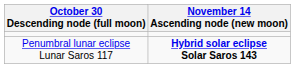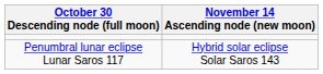 <table class="wikitable">
 <tr>
 <th><a href='#'>October 30</a><br>Descending node (full moon)<br></th>
 <th><a href='#'>November 14</a><br>Ascending node (new moon)<br></th>
 </tr>
 <tr>
 <td></td>
 <td></td>
 </tr>
 <tr align=center>
 <td><a href='#'>Penumbral lunar eclipse</a><br>Lunar Saros 117</td>
-<td><strong><a href='#'>Hybrid solar eclipse</a><br>Solar Saros 143</strong></td>
+<td><a href='#'>Hybrid solar eclipse</a><br>Solar Saros 143</td>
 </tr>
 </table>
